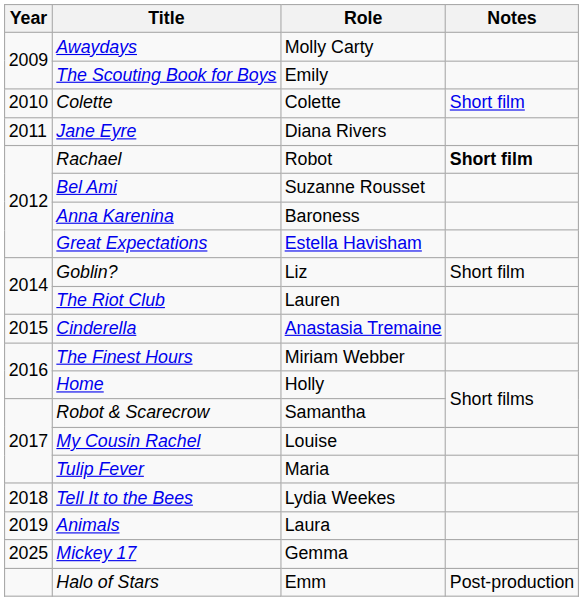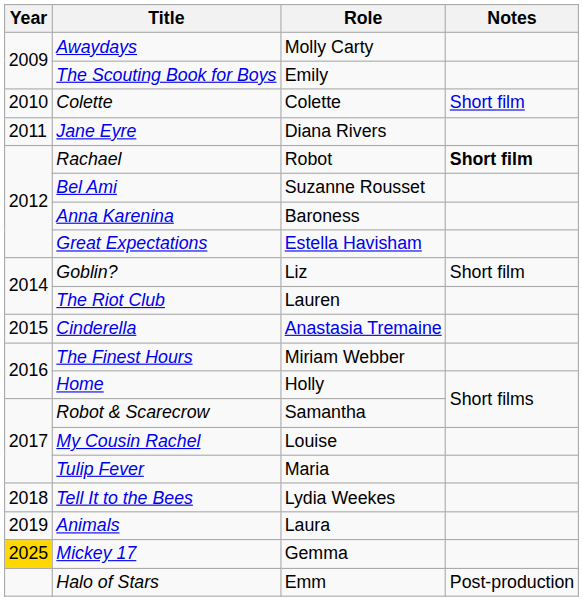 <table class="wikitable sortable">
 <tr>
 <th>Year</th>
 <th>Title</th>
 <th>Role</th>
 <th class="unsortable">Notes</th>
 </tr>
 <tr>
 <td rowspan=2>2009</td>
 <td><em><a href='#'>Awaydays</a></em></td>
 <td>Molly Carty</td>
 <td></td>
 </tr>
 <tr>
 <td data-sort-value="Scouting Book for Boys, The"><em><a href='#'>The Scouting Book for Boys</a></em></td>
 <td>Emily</td>
 <td></td>
 </tr>
 <tr>
 <td>2010</td>
 <td><em>Colette</em></td>
 <td>Colette</td>
 <td><a href='#'>Short film</a></td>
 </tr>
 <tr>
 <td>2011</td>
 <td><em><a href='#'>Jane Eyre</a></em></td>
 <td>Diana Rivers</td>
 <td></td>
 </tr>
 <tr>
 <td rowspan=4>2012</td>
 <td><em>Rachael</em></td>
 <td>Robot</td>
 <td><strong>Short film</strong></td>
 </tr>
 <tr>
 <td><em><a href='#'>Bel Ami</a></em></td>
 <td>Suzanne Rousset</td>
 <td></td>
 </tr>
 <tr>
 <td><em><a href='#'>Anna Karenina</a></em></td>
 <td>Baroness</td>
 <td></td>
 </tr>
 <tr>
 <td><em><a href='#'>Great Expectations</a></em></td>
 <td><a href='#'>Estella Havisham</a></td>
 <td></td>
 </tr>
 <tr>
 <td rowspan=2>2014</td>
 <td><em>Goblin?</em></td>
 <td>Liz</td>
 <td>Short film</td>
 </tr>
 <tr>
 <td data-sort-value="Riot Club, The"><em><a href='#'>The Riot Club</a></em></td>
 <td>Lauren</td>
 <td></td>
 </tr>
 <tr>
 <td>2015</td>
 <td><em><a href='#'>Cinderella</a></em></td>
 <td><a href='#'>Anastasia Tremaine</a></td>
 <td></td>
 </tr>
 <tr>
 <td rowspan=2>2016</td>
 <td data-sort-value="Finest Hours, The"><em><a href='#'>The Finest Hours</a></em></td>
 <td>Miriam Webber</td>
 <td></td>
 </tr>
 <tr>
 <td><em><a href='#'>Home</a></em></td>
 <td>Holly</td>
 <td rowspan=2>Short films</td>
 </tr>
 <tr>
 <td rowspan=3>2017</td>
 <td><em>Robot & Scarecrow</em></td>
 <td>Samantha</td>
 </tr>
 <tr>
 <td><em><a href='#'>My Cousin Rachel</a></em></td>
 <td>Louise</td>
 <td></td>
 </tr>
 <tr>
 <td><em><a href='#'>Tulip Fever</a></em></td>
 <td>Maria</td>
 <td></td>
 </tr>
 <tr>
 <td>2018</td>
 <td><em><a href='#'>Tell It to the Bees</a></em></td>
 <td>Lydia Weekes</td>
 <td></td>
 </tr>
 <tr>
 <td>2019</td>
 <td><em><a href='#'>Animals</a></em></td>
 <td>Laura</td>
 <td></td>
 </tr>
 <tr>
-<td>2025</td>
+<td style="background: gold;">2025</td>
 <td><em><a href='#'>Mickey 17</a></em></td>
 <td>Gemma</td>
 <td></td>
 </tr>
 <tr>
 <td></td>
 <td><em>Halo of Stars</em></td>
 <td>Emm</td>
 <td>Post-production</td>
 </tr>
 </table>
